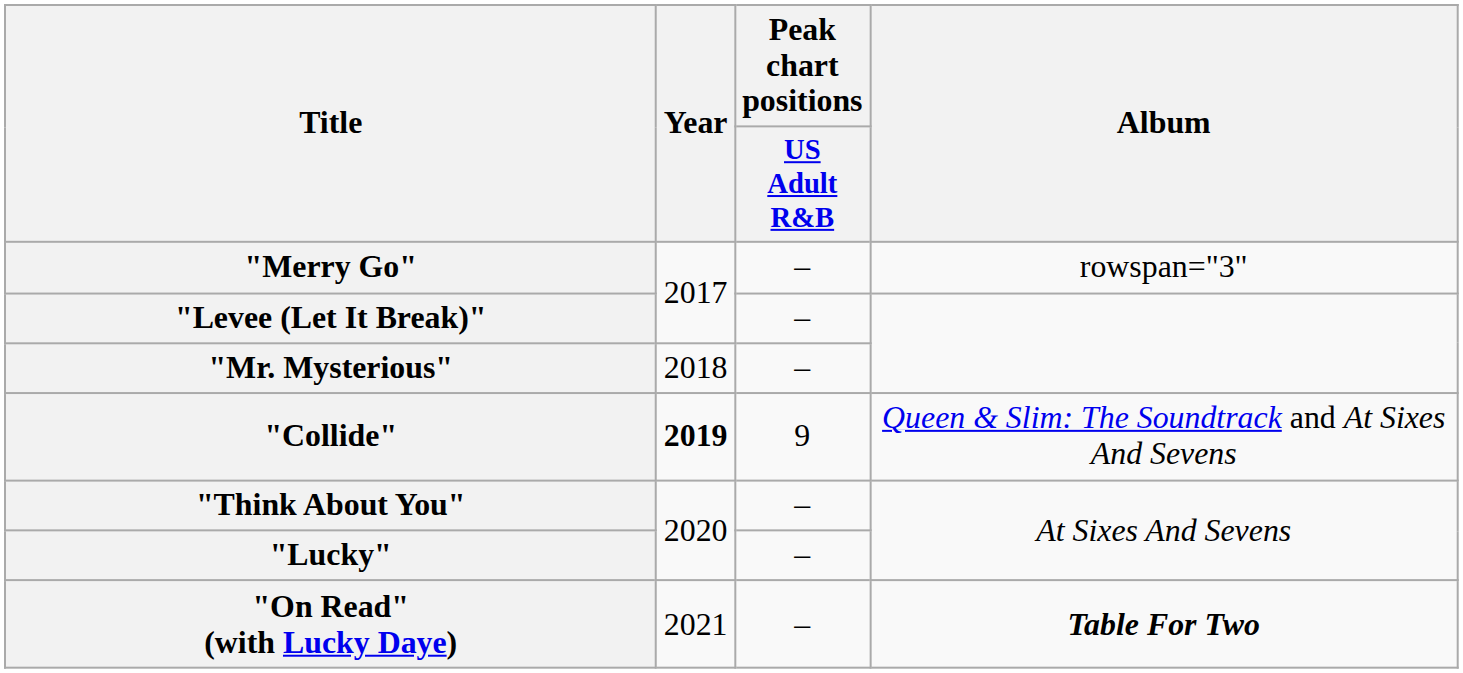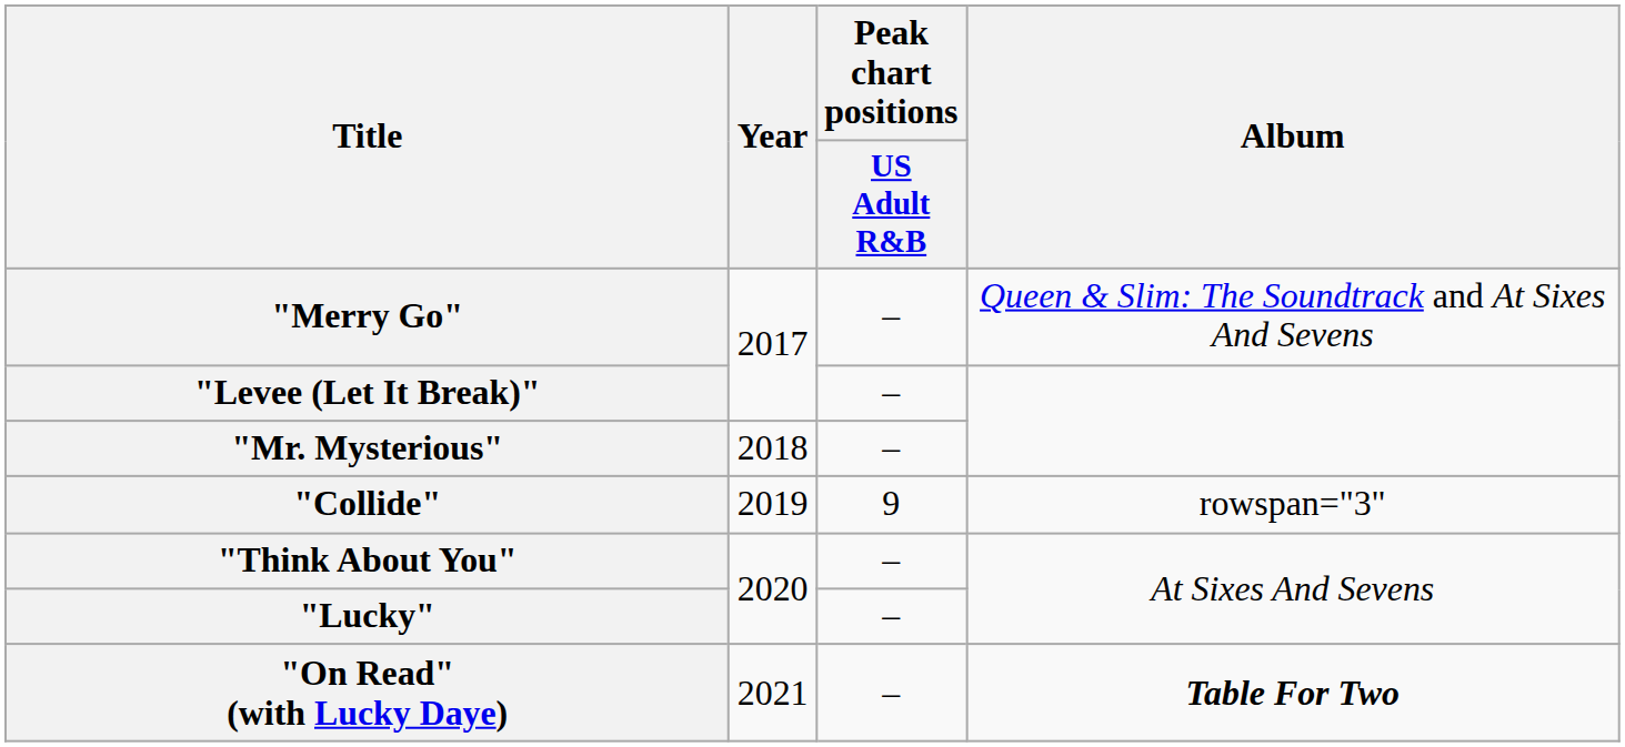 <table class="wikitable plainrowheaders" style="text-align:center;">
 <tr>
 <th scope="col" rowspan="2" style="width:20em;">Title</th>
 <th scope="col" rowspan="2" style="width:1em;">Year</th>
 <th scope="col" colspan="1">Peak chart positions</th>
 <th scope="col" rowspan="2" style="width:18em;">Album</th>
 </tr>
 <tr>
 <th scope="col" style="width:3em;font-size:90%;"><a href='#'>US<br>Adult R&B</a><br></th>
 </tr>
 <tr>
 <th scope="row">"Merry Go"</th>
 <td rowspan="2">2017</td>
 <td>–</td>
-<td>rowspan="3" </td>
+<td><em><a href='#'>Queen & Slim: The Soundtrack</a></em> and <em>At Sixes And Sevens</em></td>
 </tr>
 <tr>
 <th scope="row">"Levee (Let It Break)"</th>
 <td>–</td>
 </tr>
 <tr>
 <th scope="row">"Mr. Mysterious"</th>
 <td>2018</td>
 <td>–</td>
 </tr>
 <tr>
 <th scope="row">"Collide"<br></th>
-<td><strong>2019</strong></td>
+<td>2019</td>
 <td>9</td>
-<td><em><a href='#'>Queen & Slim: The Soundtrack</a></em> and <em>At Sixes And Sevens</em></td>
+<td>rowspan="3" </td>
 </tr>
 <tr>
 <th scope="row">"Think About You"</th>
 <td rowspan="2">2020</td>
 <td>–</td>
 <td rowspan="2"><em>At Sixes And Sevens</em></td>
 </tr>
 <tr>
 <th scope="row">"Lucky"</th>
 <td>–</td>
 </tr>
 <tr>
 <th scope="row">"On Read"<br><span>(with <a href='#'>Lucky Daye</a>)</span></th>
 <td>2021</td>
 <td>–</td>
 <td><strong><em>Table For Two</em></strong></td>
 </tr>
 </table>
